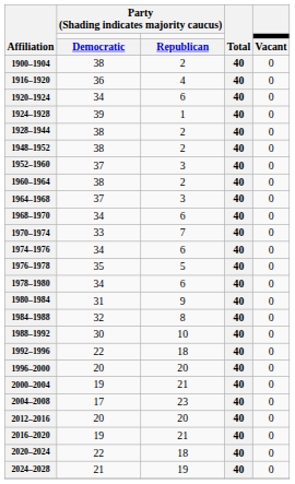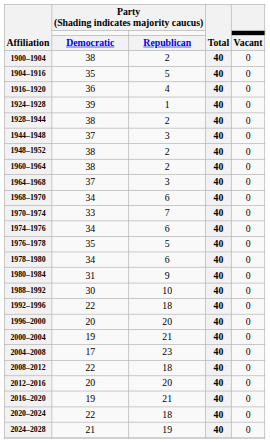 <table class=wikitable style="text-align:center">
 <tr style="vertical-align:bottom;">
 <th rowspan=3>Affiliation</th>
 <th colspan=2>Party <div>(Shading indicates majority caucus)</div></th>
 <th rowspan=3>Total</th>
 <th></th>
 </tr>
 <tr style="height:5px">
 <td style="background-color:"></td>
 <td style="background-color:"></td>
 <td style="background-color:black"></td>
 </tr>
 <tr>
 <th><a href='#'>Democratic</a></th>
 <th><a href='#'>Republican</a></th>
 <th>Vacant</th>
 </tr>
 <tr>
 <th nowrap style="font-size:80%">1900–1904</th>
 <td>38</td>
 <td>2</td>
 <th>40</th>
 <td>0</td>
 </tr>
 <tr>
-<th nowrap style="font-size:80%">1916–1920</th>
-<td>36</td>
-<td>4</td>
+<th nowrap style="font-size:80%">1904–1916</th>
+<td>35</td>
+<td>5</td>
 <th>40</th>
 <td>0</td>
 </tr>
 <tr>
-<th nowrap style="font-size:80%">1920–1924</th>
-<td>34</td>
-<td>6</td>
+<th nowrap style="font-size:80%">1916–1920</th>
+<td>36</td>
+<td>4</td>
 <th>40</th>
 <td>0</td>
 </tr>
 <tr>
 <th nowrap style="font-size:80%">1924–1928</th>
 <td>39</td>
 <td>1</td>
 <th>40</th>
 <td>0</td>
 </tr>
 <tr>
 <th nowrap style="font-size:80%">1928–1944</th>
 <td>38</td>
 <td>2</td>
 <th>40</th>
 <td>0</td>
 </tr>
 <tr>
-<th nowrap style="font-size:80%">1948–1952</th>
-<td>38</td>
-<td>2</td>
+<th nowrap style="font-size:80%">1944–1948</th>
+<td>37</td>
+<td>3</td>
 <th>40</th>
 <td>0</td>
 </tr>
 <tr>
-<th nowrap style="font-size:80%">1952–1960</th>
-<td>37</td>
-<td>3</td>
+<th nowrap style="font-size:80%">1948–1952</th>
+<td>38</td>
+<td>2</td>
 <th>40</th>
 <td>0</td>
 </tr>
 <tr>
 <th nowrap style="font-size:80%">1960–1964</th>
 <td>38</td>
 <td>2</td>
 <th>40</th>
 <td>0</td>
 </tr>
 <tr>
 <th nowrap style="font-size:80%">1964–1968</th>
 <td>37</td>
 <td>3</td>
 <th>40</th>
 <td>0</td>
 </tr>
 <tr>
 <th nowrap style="font-size:80%">1968–1970</th>
 <td>34</td>
 <td>6</td>
 <th>40</th>
 <td>0</td>
 </tr>
 <tr>
 <th nowrap style="font-size:80%">1970–1974</th>
 <td>33</td>
 <td>7</td>
 <th>40</th>
 <td>0</td>
 </tr>
 <tr>
 <th nowrap style="font-size:80%">1974–1976</th>
 <td>34</td>
 <td>6</td>
 <th>40</th>
 <td>0</td>
 </tr>
 <tr>
 <th nowrap style="font-size:80%">1976–1978</th>
 <td>35</td>
 <td>5</td>
 <th>40</th>
 <td>0</td>
 </tr>
 <tr>
 <th nowrap style="font-size:80%">1978–1980</th>
 <td>34</td>
 <td>6</td>
 <th>40</th>
 <td>0</td>
 </tr>
 <tr>
 <th nowrap style="font-size:80%">1980–1984</th>
 <td>31</td>
 <td>9</td>
 <th>40</th>
 <td>0</td>
 </tr>
 <tr>
-<th nowrap style="font-size:80%">1984–1988</th>
-<td>32</td>
-<td>8</td>
-<th>40</th>
-<td>0</td>
-</tr>
-<tr>
 <th nowrap style="font-size:80%">1988–1992</th>
 <td>30</td>
 <td>10</td>
 <th>40</th>
 <td>0</td>
 </tr>
 <tr>
 <th nowrap style="font-size:80%">1992–1996</th>
 <td>22</td>
 <td>18</td>
 <th>40</th>
 <td>0</td>
 </tr>
 <tr>
 <th nowrap style="font-size:80%">1996–2000</th>
 <td>20</td>
 <td>20</td>
 <th>40</th>
 <td>0</td>
 </tr>
 <tr>
 <th nowrap style="font-size:80%">2000–2004</th>
 <td>19</td>
 <td>21</td>
 <th>40</th>
 <td>0</td>
 </tr>
 <tr>
 <th nowrap style="font-size:80%">2004–2008</th>
 <td>17</td>
 <td>23</td>
 <th>40</th>
 <td>0</td>
 </tr>
 <tr>
+<th nowrap style="font-size:80%">2008–2012</th>
+<td>22</td>
+<td>18</td>
+<th>40</th>
+<td>0</td>
+</tr>
+<tr>
 <th nowrap style="font-size:80%">2012–2016</th>
 <td>20</td>
 <td>20</td>
 <th>40</th>
 <td>0</td>
 </tr>
 <tr>
 <th nowrap style="font-size:80%">2016–2020</th>
 <td>19</td>
 <td>21</td>
 <th>40</th>
 <td>0</td>
 </tr>
 <tr>
 <th nowrap style="font-size:80%">2020–2024</th>
 <td>22</td>
 <td>18</td>
 <th>40</th>
 <td>0</td>
 </tr>
 <tr>
 <th nowrap style="font-size:80%">2024–2028</th>
 <td>21</td>
 <td>19</td>
 <th>40</th>
 <td>0</td>
 </tr>
 <tr>
 </tr>
 </table>
